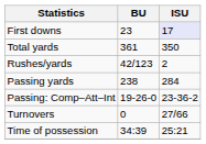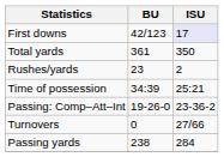 <table class="wikitable" style="float: left;">
 <tr>
 <th>Statistics</th>
 <th>BU</th>
 <th>ISU</th>
 </tr>
 <tr>
 <td>First downs</td>
-<td>23</td>
+<td>42/123</td>
 <td style="background: lavender;">17</td>
 </tr>
 <tr>
 <td>Total yards</td>
 <td>361</td>
 <td>350</td>
 </tr>
 <tr>
 <td>Rushes/yards</td>
-<td>42/123</td>
+<td>23</td>
 <td>2</td>
 </tr>
 <tr>
-<td>Passing yards</td>
-<td>238</td>
-<td>284</td>
+<td>Time of possession</td>
+<td>34:39</td>
+<td>25:21</td>
 </tr>
 <tr>
 <td>Passing: Comp–Att–Int</td>
 <td>19-26-0</td>
 <td>23-36-2</td>
 </tr>
 <tr>
 <td>Turnovers</td>
 <td>0</td>
 <td>27/66</td>
 </tr>
 <tr>
-<td>Time of possession</td>
-<td>34:39</td>
-<td>25:21</td>
+<td>Passing yards</td>
+<td>238</td>
+<td>284</td>
 </tr>
 <tr>
 </tr>
 </table>
